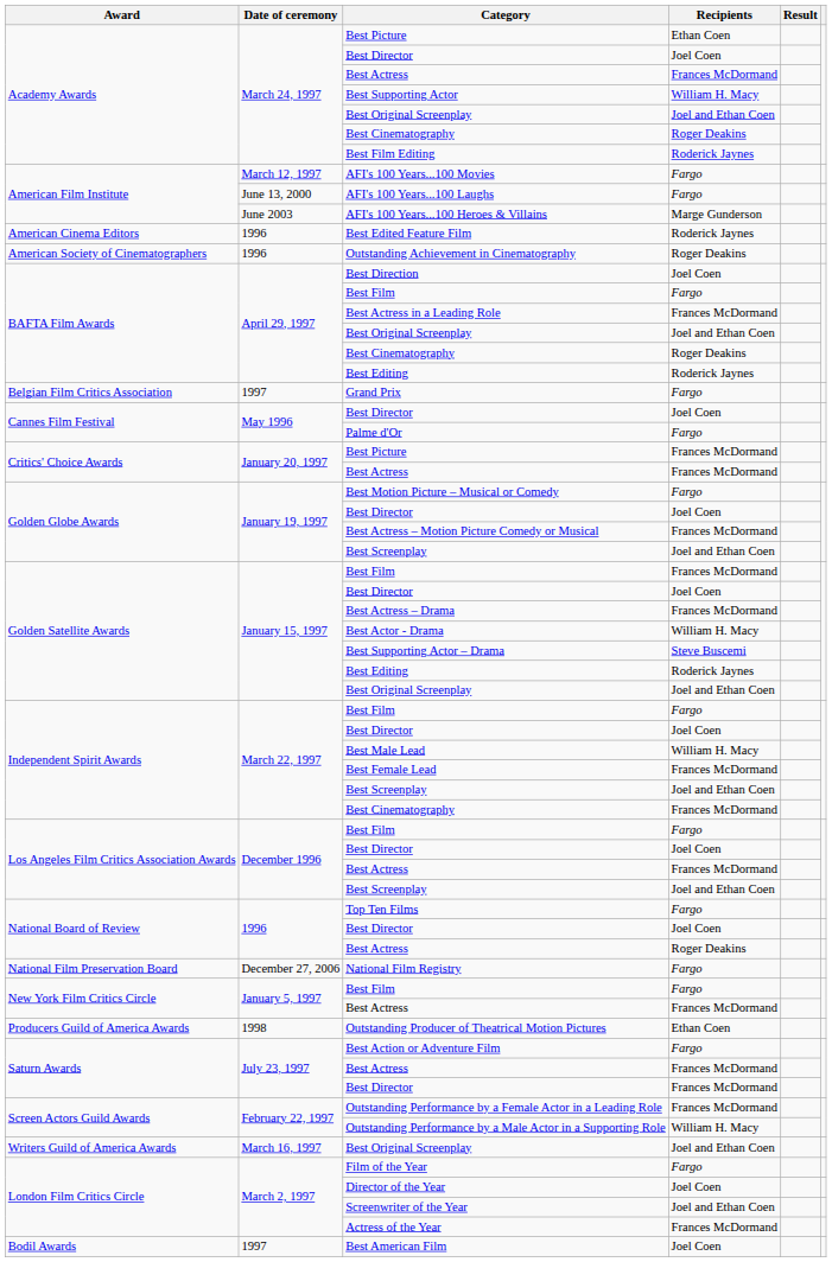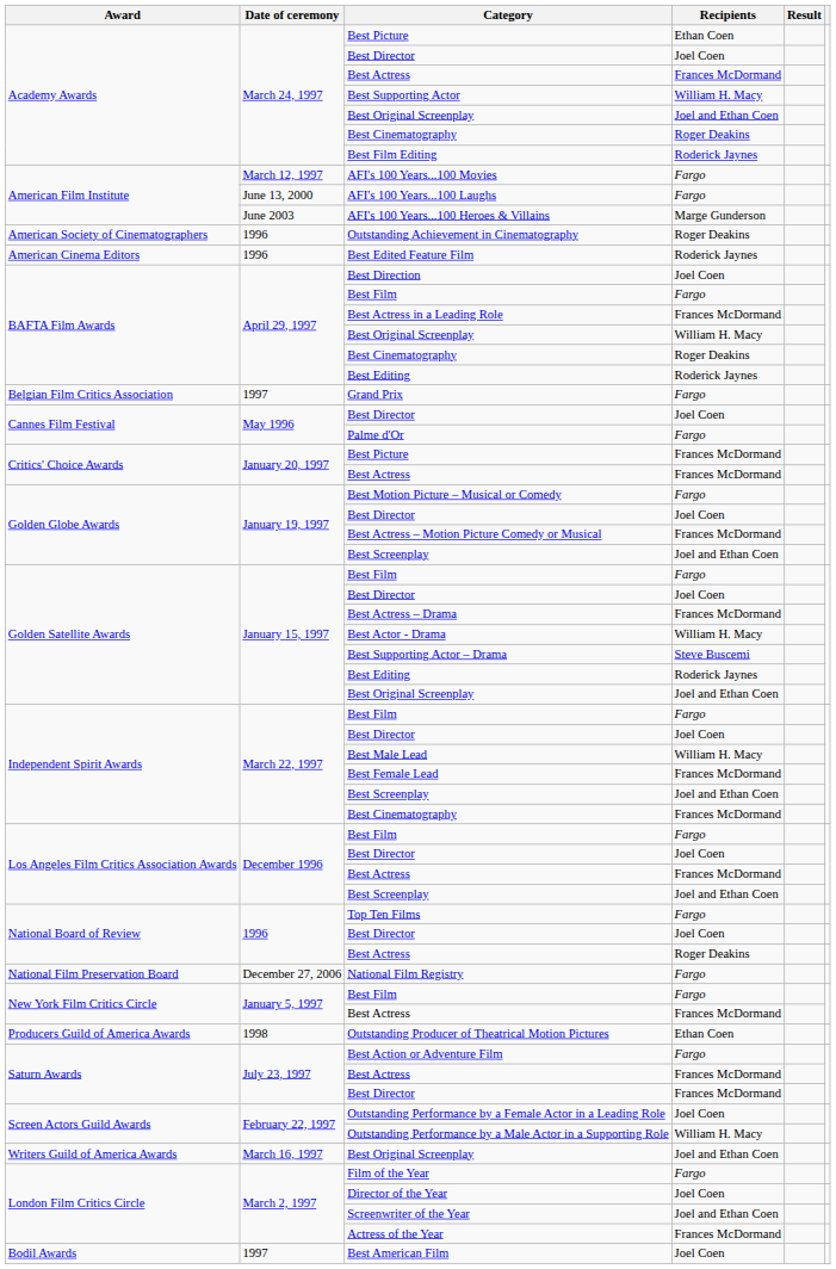 <table class="wikitable">
 <tr>
 <th>Award⁣</th>
 <th>Date of ceremony⁣</th>
 <th>Category⁣</th>
 <th>Recipients⁣</th>
 <th>Result⁣</th>
 <th>⁣</th>
 </tr>
 <tr ⁣>
 <td rowspan=7><a href='#'>Academy Awards</a>⁣</td>
 <td rowspan=7><a href='#'>March 24, 1997</a>⁣</td>
 <td><a href='#'>Best Picture</a>⁣</td>
 <td>Ethan Coen</td>
 <td>⁣</td>
 <td rowspan=7>⁣</td>
 </tr>
 <tr ⁣>
 <td><a href='#'>Best Director</a>⁣</td>
 <td>Joel Coen⁣</td>
 <td></td>
 </tr>
 <tr ⁣>
 <td><a href='#'>Best Actress</a>⁣</td>
 <td><a href='#'>Frances McDormand</a>⁣</td>
 <td>⁣</td>
 </tr>
 <tr ⁣>
 <td><a href='#'>Best Supporting Actor</a>⁣</td>
 <td><a href='#'>William H. Macy</a>⁣</td>
 <td>⁣</td>
 </tr>
 <tr ⁣>
 <td><a href='#'>Best Original Screenplay</a>⁣</td>
 <td><a href='#'>Joel and Ethan Coen</a>⁣</td>
 <td>⁣</td>
 </tr>
 <tr ⁣>
 <td><a href='#'>Best Cinematography</a>⁣</td>
 <td><a href='#'>Roger Deakins</a>⁣</td>
 <td>⁣</td>
 </tr>
 <tr ⁣>
 <td><a href='#'>Best Film Editing</a>⁣</td>
 <td><a href='#'>Roderick Jaynes</a>⁣</td>
 <td>⁣</td>
 </tr>
 <tr>
 <td rowspan=3><a href='#'>American Film Institute</a></td>
 <td><a href='#'>March 12, 1997</a></td>
 <td><a href='#'>AFI's 100 Years...100 Movies</a></td>
 <td><em>Fargo</em></td>
 <td></td>
 <td></td>
 </tr>
 <tr>
 <td>June 13, 2000</td>
 <td><a href='#'>AFI's 100 Years...100 Laughs</a></td>
 <td><em>Fargo</em></td>
 <td></td>
 <td></td>
 </tr>
 <tr>
 <td>June 2003</td>
 <td><a href='#'>AFI's 100 Years...100 Heroes & Villains</a></td>
 <td>Marge Gunderson</td>
 <td></td>
 <td></td>
 </tr>
 <tr>
+<td><a href='#'>American Society of Cinematographers</a></td>
+<td>1996</td>
+<td><a href='#'>Outstanding Achievement in Cinematography</a></td>
+<td>Roger Deakins</td>
+<td></td>
+<td></td>
+</tr>
+<tr>
 <td><a href='#'>American Cinema Editors</a></td>
 <td>1996</td>
 <td><a href='#'>Best Edited Feature Film</a></td>
 <td>Roderick Jaynes</td>
-<td></td>
-<td></td>
-</tr>
-<tr>
-<td><a href='#'>American Society of Cinematographers</a></td>
-<td>1996</td>
-<td><a href='#'>Outstanding Achievement in Cinematography</a></td>
-<td>Roger Deakins</td>
 <td></td>
 <td></td>
 </tr>
 <tr>
 <td rowspan=6><a href='#'>BAFTA Film Awards</a></td>
 <td rowspan=6><a href='#'>April 29, 1997</a></td>
 <td><a href='#'>Best Direction</a></td>
 <td>Joel Coen</td>
 <td></td>
 <td rowspan=6></td>
 </tr>
 <tr>
 <td><a href='#'>Best Film</a></td>
 <td><em>Fargo</em></td>
 <td></td>
 </tr>
 <tr>
 <td><a href='#'>Best Actress in a Leading Role</a></td>
 <td>Frances McDormand</td>
 <td></td>
 </tr>
 <tr>
 <td><a href='#'>Best Original Screenplay</a></td>
-<td>Joel and Ethan Coen</td>
+<td>William H. Macy</td>
 <td></td>
 </tr>
 <tr>
 <td><a href='#'>Best Cinematography</a></td>
 <td>Roger Deakins</td>
 <td></td>
 </tr>
 <tr>
 <td><a href='#'>Best Editing</a></td>
 <td>Roderick Jaynes</td>
 <td></td>
 </tr>
 <tr>
 <td><a href='#'>Belgian Film Critics Association</a></td>
 <td>1997</td>
 <td><a href='#'>Grand Prix</a></td>
 <td><em>Fargo</em></td>
 <td></td>
 <td></td>
 </tr>
 <tr>
 <td rowspan=2><a href='#'>Cannes Film Festival</a></td>
 <td rowspan=2><a href='#'>May 1996</a></td>
 <td><a href='#'>Best Director</a></td>
 <td>Joel Coen</td>
 <td></td>
 <td rowspan="2"></td>
 </tr>
 <tr>
 <td><a href='#'>Palme d'Or</a></td>
 <td><em>Fargo</em></td>
 <td></td>
 </tr>
 <tr>
 <td rowspan=2><a href='#'>Critics' Choice Awards</a></td>
 <td rowspan=2><a href='#'>January 20, 1997</a></td>
 <td><a href='#'>Best Picture</a></td>
 <td>Frances McDormand</td>
 <td></td>
 <td rowspan="2"></td>
 </tr>
 <tr>
 <td><a href='#'>Best Actress</a></td>
 <td>Frances McDormand</td>
 <td></td>
 </tr>
 <tr>
 <td rowspan=4><a href='#'>Golden Globe Awards</a></td>
 <td rowspan=4><a href='#'>January 19, 1997</a></td>
 <td><a href='#'>Best Motion Picture – Musical or Comedy</a></td>
 <td><em>Fargo</em></td>
 <td></td>
 <td rowspan=4></td>
 </tr>
 <tr>
 <td><a href='#'>Best Director</a></td>
 <td>Joel Coen</td>
 <td></td>
 </tr>
 <tr>
 <td><a href='#'>Best Actress – Motion Picture Comedy or Musical</a></td>
 <td>Frances McDormand</td>
 <td></td>
 </tr>
 <tr>
 <td><a href='#'>Best Screenplay</a></td>
 <td>Joel and Ethan Coen</td>
 <td></td>
 </tr>
 <tr>
 <td rowspan=7><a href='#'>Golden Satellite Awards</a></td>
 <td rowspan=7><a href='#'>January 15, 1997</a></td>
 <td><a href='#'>Best Film</a></td>
-<td>Frances McDormand</td>
+<td><em>Fargo</em></td>
 <td></td>
 <td rowspan=7></td>
 </tr>
 <tr>
 <td><a href='#'>Best Director</a></td>
 <td>Joel Coen</td>
 <td></td>
 </tr>
 <tr>
 <td><a href='#'>Best Actress – Drama</a></td>
 <td>Frances McDormand</td>
 <td></td>
 </tr>
 <tr>
 <td><a href='#'>Best Actor - Drama</a></td>
 <td>William H. Macy</td>
 <td></td>
 </tr>
 <tr>
 <td><a href='#'>Best Supporting Actor – Drama</a></td>
 <td><a href='#'>Steve Buscemi</a></td>
 <td></td>
 </tr>
 <tr>
 <td><a href='#'>Best Editing</a></td>
 <td>Roderick Jaynes</td>
 <td></td>
 </tr>
 <tr>
 <td><a href='#'>Best Original Screenplay</a></td>
 <td>Joel and Ethan Coen</td>
 <td></td>
 </tr>
 <tr>
 <td rowspan=6><a href='#'>Independent Spirit Awards</a></td>
 <td rowspan=6><a href='#'>March 22, 1997</a></td>
 <td><a href='#'>Best Film</a></td>
 <td><em>Fargo</em></td>
 <td></td>
 <td rowspan=6></td>
 </tr>
 <tr>
 <td><a href='#'>Best Director</a></td>
 <td>Joel Coen</td>
 <td></td>
 </tr>
 <tr>
 <td><a href='#'>Best Male Lead</a></td>
 <td>William H. Macy</td>
 <td></td>
 </tr>
 <tr>
 <td><a href='#'>Best Female Lead</a></td>
 <td>Frances McDormand</td>
 <td></td>
 </tr>
 <tr>
 <td><a href='#'>Best Screenplay</a></td>
 <td>Joel and Ethan Coen</td>
 <td></td>
 </tr>
 <tr>
 <td><a href='#'>Best Cinematography</a></td>
 <td>Frances McDormand</td>
 <td></td>
 </tr>
 <tr>
 <td rowspan=4><a href='#'>Los Angeles Film Critics Association Awards</a></td>
 <td rowspan=4><a href='#'>December 1996</a></td>
 <td><a href='#'>Best Film</a></td>
 <td><em>Fargo</em></td>
 <td></td>
 <td rowspan=4></td>
 </tr>
 <tr>
 <td><a href='#'>Best Director</a></td>
 <td>Joel Coen</td>
 <td></td>
 </tr>
 <tr>
 <td><a href='#'>Best Actress</a></td>
 <td>Frances McDormand</td>
 <td></td>
 </tr>
 <tr>
 <td><a href='#'>Best Screenplay</a></td>
 <td>Joel and Ethan Coen</td>
 <td></td>
 </tr>
 <tr>
 <td rowspan=3><a href='#'>National Board of Review</a></td>
 <td rowspan=3><a href='#'>1996</a></td>
 <td><a href='#'>Top Ten Films</a></td>
 <td><em>Fargo</em></td>
 <td></td>
 <td></td>
 </tr>
 <tr>
 <td><a href='#'>Best Director</a></td>
 <td>Joel Coen</td>
 <td></td>
 <td></td>
 </tr>
 <tr>
 <td><a href='#'>Best Actress</a></td>
 <td>Roger Deakins</td>
 <td></td>
 <td></td>
 </tr>
 <tr>
 <td><a href='#'>National Film Preservation Board</a></td>
 <td>December 27, 2006</td>
 <td><a href='#'>National Film Registry</a></td>
 <td><em>Fargo</em></td>
 <td></td>
 <td></td>
 </tr>
 <tr>
 <td rowspan=2><a href='#'>New York Film Critics Circle</a></td>
 <td rowspan=2><a href='#'>January 5, 1997</a></td>
 <td><a href='#'>Best Film</a></td>
 <td><em>Fargo</em></td>
 <td></td>
 <td rowspan=2></td>
 </tr>
 <tr>
 <td>Best Actress</td>
 <td>Frances McDormand</td>
 <td></td>
 </tr>
 <tr>
 <td><a href='#'>Producers Guild of America Awards</a></td>
 <td>1998</td>
 <td><a href='#'>Outstanding Producer of Theatrical Motion Pictures</a></td>
 <td>Ethan Coen</td>
 <td></td>
 <td></td>
 </tr>
 <tr>
 <td rowspan=3><a href='#'>Saturn Awards</a></td>
 <td rowspan=3><a href='#'>July 23, 1997</a></td>
 <td><a href='#'>Best Action or Adventure Film</a></td>
 <td><em>Fargo</em></td>
 <td></td>
 <td rowspan=3></td>
 </tr>
 <tr>
 <td><a href='#'>Best Actress</a></td>
 <td>Frances McDormand</td>
 <td></td>
 </tr>
 <tr>
 <td><a href='#'>Best Director</a></td>
 <td>Frances McDormand</td>
 <td></td>
 </tr>
 <tr>
 <td rowspan=2><a href='#'>Screen Actors Guild Awards</a></td>
 <td rowspan=2><a href='#'>February 22, 1997</a></td>
 <td><a href='#'>Outstanding Performance by a Female Actor in a Leading Role</a></td>
-<td>Frances McDormand</td>
+<td>Joel Coen</td>
 <td></td>
 <td rowspan=2></td>
 </tr>
 <tr>
 <td><a href='#'>Outstanding Performance by a Male Actor in a Supporting Role</a></td>
 <td>William H. Macy</td>
 <td></td>
 </tr>
 <tr>
 <td><a href='#'>Writers Guild of America Awards</a></td>
 <td><a href='#'>March 16, 1997</a></td>
 <td><a href='#'>Best Original Screenplay</a></td>
 <td>Joel and Ethan Coen</td>
 <td></td>
 <td></td>
 </tr>
 <tr>
 <td rowspan=4><a href='#'>London Film Critics Circle</a></td>
 <td rowspan=4><a href='#'>March 2, 1997</a></td>
 <td><a href='#'>Film of the Year</a></td>
 <td><em>Fargo</em></td>
 <td></td>
 <td></td>
 </tr>
 <tr>
 <td><a href='#'>Director of the Year</a></td>
 <td>Joel Coen</td>
 <td></td>
 <td></td>
 </tr>
 <tr>
 <td><a href='#'>Screenwriter of the Year</a></td>
 <td>Joel and Ethan Coen</td>
 <td></td>
 <td></td>
 </tr>
 <tr>
 <td><a href='#'>Actress of the Year</a></td>
 <td>Frances McDormand</td>
 <td></td>
 <td></td>
 </tr>
 <tr>
 <td><a href='#'>Bodil Awards</a></td>
 <td>1997</td>
 <td><a href='#'>Best American Film</a></td>
 <td>Joel Coen</td>
 <td></td>
 <td></td>
 </tr>
 </table>
